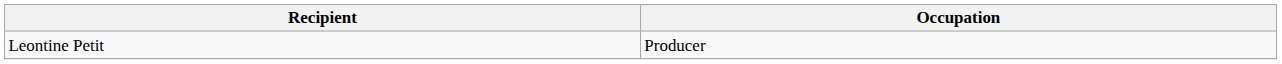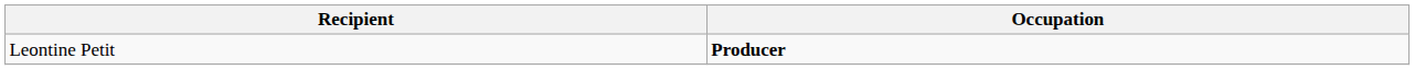 <table class="wikitable" width="95%" cellpadding="5">
 <tr>
 <th width="25%">Recipient</th>
 <th width="25%">Occupation</th>
 </tr>
 <tr>
 <td> Leontine Petit</td>
-<td>Producer</td>
+<td><strong>Producer</strong></td>
 </tr>
 <tr>
 </tr>
 </table>
